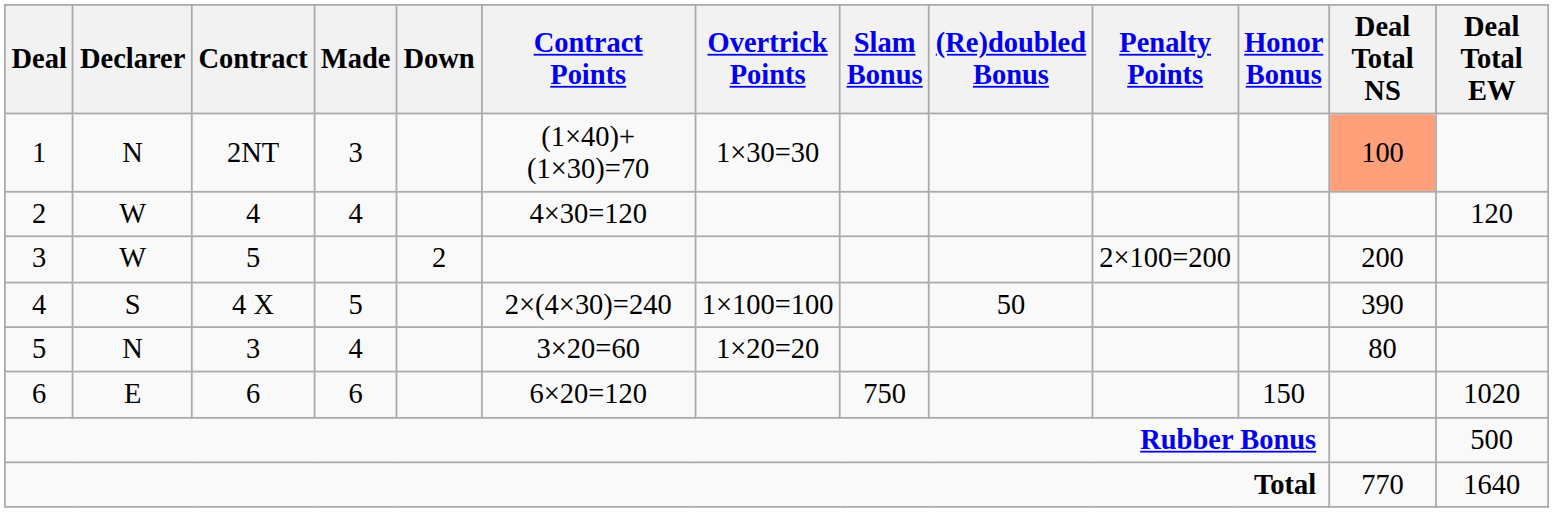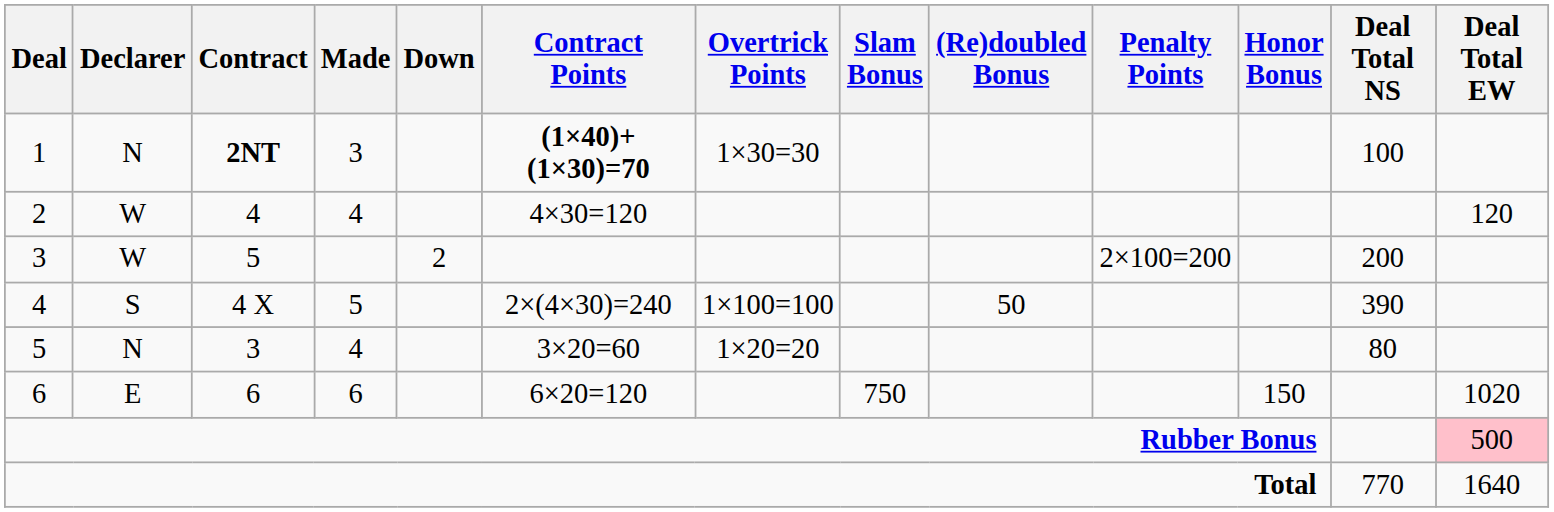 <table class="wikitable">
 <tr>
 <th>Deal</th>
 <th>Declarer</th>
 <th>Contract</th>
 <th>Made</th>
 <th>Down</th>
 <th><a href='#'>Contract<br>Points</a></th>
 <th><a href='#'>Overtrick<br>Points</a></th>
 <th><a href='#'>Slam<br> Bonus</a></th>
 <th><a href='#'>(Re)doubled<br>Bonus</a></th>
 <th><a href='#'>Penalty<br>Points</a></th>
 <th><a href='#'>Honor<br>Bonus</a></th>
 <th>Deal<br>Total NS</th>
 <th>Deal<br>Total EW</th>
 </tr>
 <tr align="center">
 <td>1</td>
 <td>N</td>
-<td>2NT</td>
+<td><strong>2NT</strong></td>
 <td>3</td>
 <td></td>
-<td>(1×40)+(1×30)=70</td>
+<td><strong>(1×40)+(1×30)=70</strong></td>
 <td>1×30=30</td>
 <td></td>
 <td></td>
 <td></td>
 <td></td>
-<td style="background: lightsalmon;">100</td>
+<td>100</td>
 <td></td>
 </tr>
 <tr align="center">
 <td>2</td>
 <td>W</td>
 <td>4</td>
 <td>4</td>
 <td></td>
 <td>4×30=120</td>
 <td></td>
 <td></td>
 <td></td>
 <td></td>
 <td></td>
 <td></td>
 <td>120</td>
 </tr>
 <tr align="center">
 <td>3</td>
 <td>W</td>
 <td>5</td>
 <td></td>
 <td>2</td>
 <td></td>
 <td></td>
 <td></td>
 <td></td>
 <td>2×100=200</td>
 <td></td>
 <td>200</td>
 <td></td>
 </tr>
 <tr align="center">
 <td>4</td>
 <td>S</td>
 <td>4 X</td>
 <td>5</td>
 <td></td>
 <td>2×(4×30)=240</td>
 <td>1×100=100</td>
 <td></td>
 <td>50</td>
 <td></td>
 <td></td>
 <td>390</td>
 <td></td>
 </tr>
 <tr align="center">
 <td>5</td>
 <td>N</td>
 <td>3</td>
 <td>4</td>
 <td></td>
 <td>3×20=60</td>
 <td>1×20=20</td>
 <td></td>
 <td></td>
 <td></td>
 <td></td>
 <td>80</td>
 <td></td>
 </tr>
 <tr align="center">
 <td>6</td>
 <td>E</td>
 <td>6</td>
 <td>6</td>
 <td></td>
 <td>6×20=120</td>
 <td></td>
 <td>750</td>
 <td></td>
 <td></td>
 <td>150</td>
 <td></td>
 <td>1020</td>
 </tr>
 <tr align="center">
 <td colspan=11 align=right><strong><a href='#'>Rubber Bonus</a></strong> </td>
 <td></td>
-<td>500</td>
+<td style="background: pink;">500</td>
 </tr>
 <tr align="center">
 <td colspan=11 align=right><strong>Total</strong> </td>
 <td>770</td>
 <td>1640</td>
 </tr>
 </table>
